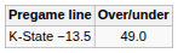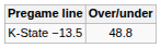 <table class="wikitable" style="margin-left: auto; margin-right: auto; border: none; display: inline-table;">
 <tr align="center">
 <th style=>Pregame line</th>
 <th style=>Over/under</th>
 </tr>
 <tr align="center">
 <td>K-State −13.5</td>
-<td>49.0</td>
+<td>48.8</td>
 </tr>
 </table>
